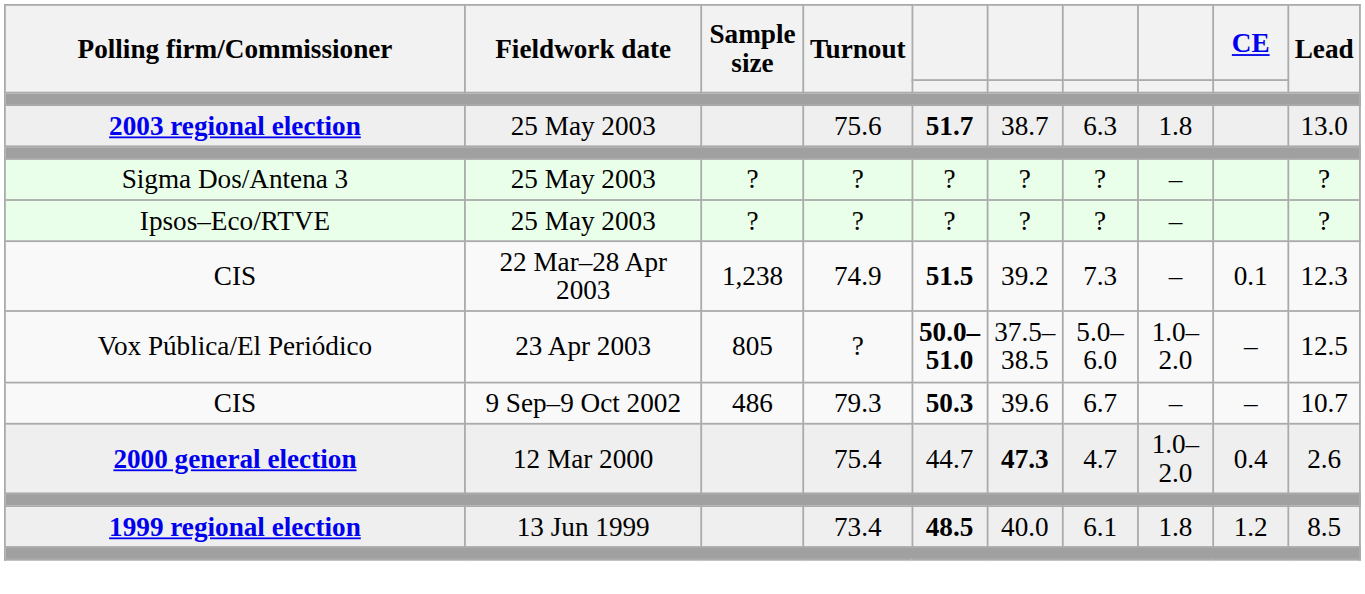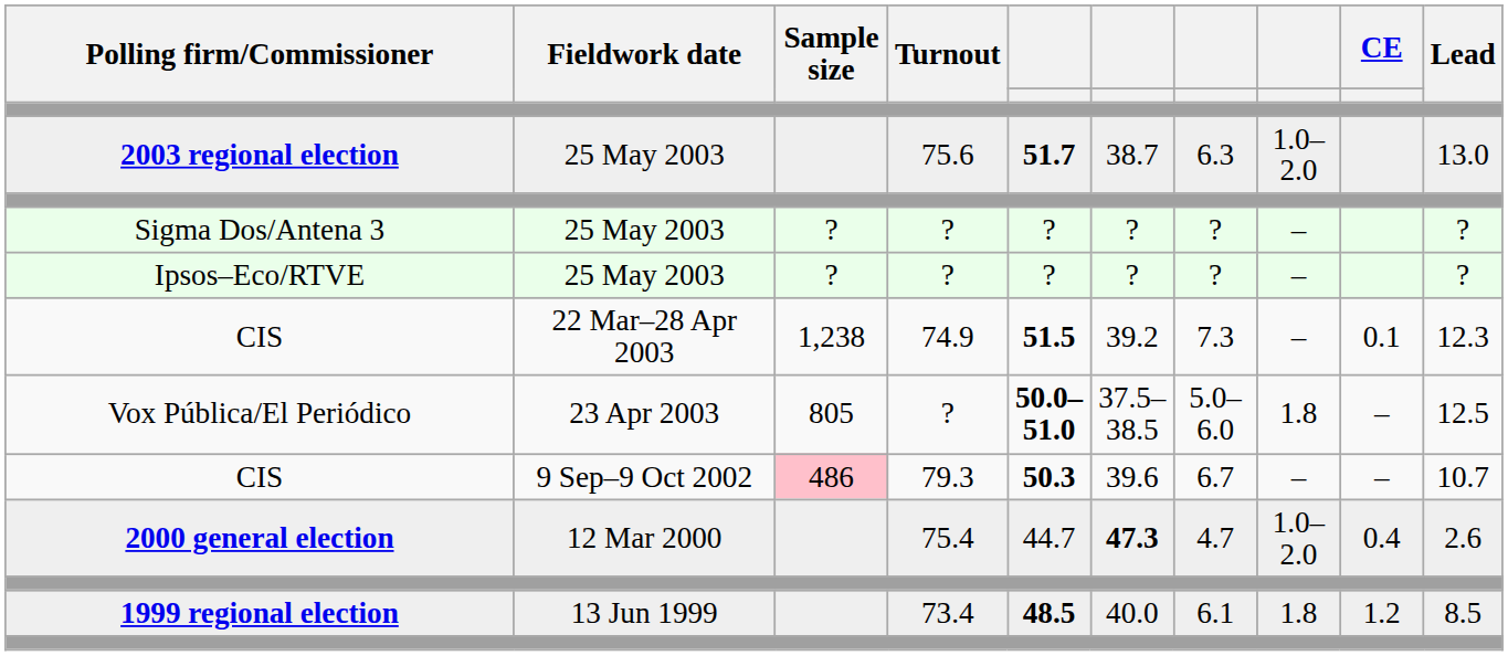 <table class="wikitable collapsible collapsed" style="text-align:center; font-size:95%; line-height:16px;">
 <tr style="height:42px;">
 <th style="width:250px;" rowspan="2">Polling firm/Commissioner</th>
 <th style="width:125px;" rowspan="2">Fieldwork date</th>
 <th style="width:50px;" rowspan="2">Sample size</th>
 <th style="width:45px;" rowspan="2">Turnout</th>
 <th style="width:35px;"></th>
 <th style="width:35px;"></th>
 <th style="width:35px;"></th>
 <th style="width:35px;"></th>
 <th style="width:35px;"><a href='#'>CE</a></th>
 <th style="width:30px;" rowspan="2">Lead</th>
 </tr>
 <tr>
 <th style="color:inherit;background:"></th>
 <th style="color:inherit;background:"></th>
 <th style="color:inherit;background:"></th>
 <th style="color:inherit;background:"></th>
 <th style="color:inherit;background:"></th>
 </tr>
 <tr>
 <td colspan="10" style="background:#A0A0A0"></td>
 </tr>
 <tr style="background:#EFEFEF;">
 <td><strong><a href='#'>2003 regional election</a></strong></td>
 <td>25 May 2003</td>
 <td></td>
 <td>75.6</td>
 <td><strong>51.7</strong><br></td>
 <td>38.7<br></td>
 <td>6.3<br></td>
-<td>1.8<br></td>
+<td>1.0–<br>2.0<br></td>
 <td></td>
 <td style="background:">13.0</td>
 </tr>
 <tr>
 <td colspan="10" style="background:#A0A0A0"></td>
 </tr>
 <tr style="background:#EAFFEA;">
 <td>Sigma Dos/Antena 3</td>
 <td>25 May 2003</td>
 <td>?</td>
 <td>?</td>
 <td>?<br></td>
 <td>?<br></td>
 <td>?<br></td>
 <td>–</td>
 <td></td>
 <td style="background:">?</td>
 </tr>
 <tr style="background:#EAFFEA;">
 <td>Ipsos–Eco/RTVE</td>
 <td>25 May 2003</td>
 <td>?</td>
 <td>?</td>
 <td>?<br></td>
 <td>?<br></td>
 <td>?<br></td>
 <td>–</td>
 <td></td>
 <td style="background:">?</td>
 </tr>
 <tr>
 <td>CIS</td>
 <td>22 Mar–28 Apr 2003</td>
 <td>1,238</td>
 <td>74.9</td>
 <td><strong>51.5</strong><br></td>
 <td>39.2<br></td>
 <td>7.3<br></td>
 <td>–</td>
 <td>0.1<br></td>
 <td style="background:">12.3</td>
 </tr>
 <tr>
 <td>Vox Pública/El Periódico</td>
 <td>23 Apr 2003</td>
 <td>805</td>
 <td>?</td>
 <td><strong>50.0–<br>51.0</strong><br></td>
 <td>37.5–<br>38.5<br></td>
 <td>5.0–<br>6.0<br></td>
-<td>1.0–<br>2.0<br></td>
+<td>1.8<br></td>
 <td>–</td>
 <td style="background:">12.5</td>
 </tr>
 <tr>
 <td>CIS</td>
 <td>9 Sep–9 Oct 2002</td>
-<td>486</td>
+<td style="background: pink;">486</td>
 <td>79.3</td>
 <td><strong>50.3</strong></td>
 <td>39.6</td>
 <td>6.7</td>
 <td>–</td>
 <td>–</td>
 <td style="background:">10.7</td>
 </tr>
 <tr style="background:#EFEFEF;">
 <td><strong><a href='#'>2000 general election</a></strong></td>
 <td>12 Mar 2000</td>
 <td></td>
 <td>75.4</td>
 <td>44.7<br></td>
 <td><strong>47.3</strong><br></td>
 <td>4.7<br></td>
 <td>1.0–<br>2.0<br></td>
 <td>0.4<br></td>
 <td style="background:">2.6</td>
 </tr>
 <tr>
 <td colspan="10" style="background:#A0A0A0"></td>
 </tr>
 <tr style="background:#EFEFEF;">
 <td><strong><a href='#'>1999 regional election</a></strong></td>
 <td>13 Jun 1999</td>
 <td></td>
 <td>73.4</td>
 <td><strong>48.5</strong><br></td>
 <td>40.0<br></td>
 <td>6.1<br></td>
 <td>1.8<br></td>
 <td>1.2<br></td>
 <td style="background:">8.5</td>
 </tr>
 <tr>
 <td colspan="10" style="background:#A0A0A0"></td>
 </tr>
 </table>
